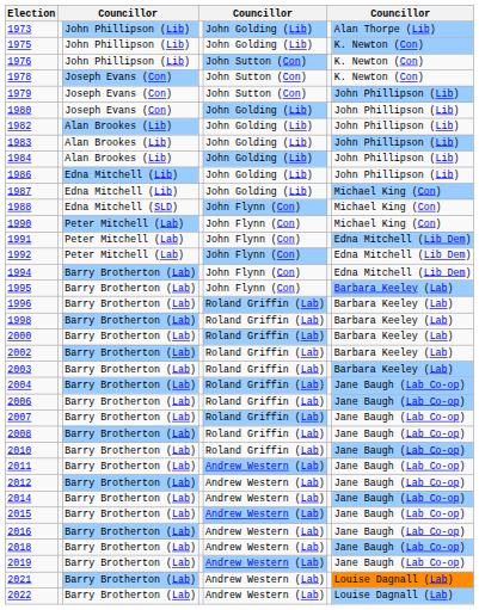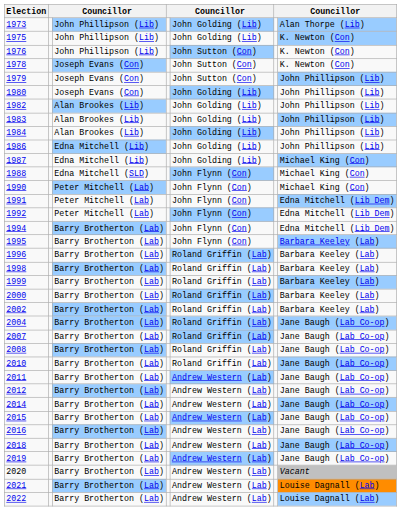 <table class="wikitable">
 <tr>
 <th>Election</th>
 <th colspan="2">Councillor</th>
 <th colspan="2">Councillor</th>
 <th colspan="2">Councillor</th>
 </tr>
 <tr>
 <td><a href='#'>1973</a></td>
 <td style="background-color: "></td>
 <td bgcolor="#99CCFF">John Phillipson (<a href='#'>Lib</a>)</td>
 <td style="background-color: "></td>
 <td bgcolor="#99CCFF">John Golding (<a href='#'>Lib</a>)</td>
 <td style="background-color: "></td>
 <td bgcolor="#99CCFF">Alan Thorpe (<a href='#'>Lib</a>)</td>
 </tr>
 <tr>
 <td><a href='#'>1975</a></td>
 <td style="background-color: "></td>
 <td>John Phillipson (<a href='#'>Lib</a>)</td>
 <td style="background-color: "></td>
 <td>John Golding (<a href='#'>Lib</a>)</td>
 <td style="background-color: "></td>
 <td bgcolor="#99CCFF">K. Newton (<a href='#'>Con</a>)</td>
 </tr>
 <tr>
 <td><a href='#'>1976</a></td>
 <td style="background-color: "></td>
 <td>John Phillipson (<a href='#'>Lib</a>)</td>
 <td style="background-color: "></td>
 <td bgcolor="#99CCFF">John Sutton (<a href='#'>Con</a>)</td>
 <td style="background-color: "></td>
 <td>K. Newton (<a href='#'>Con</a>)</td>
 </tr>
 <tr>
 <td><a href='#'>1978</a></td>
 <td style="background-color: "></td>
 <td bgcolor="#99CCFF">Joseph Evans (<a href='#'>Con</a>)</td>
 <td style="background-color: "></td>
 <td>John Sutton (<a href='#'>Con</a>)</td>
 <td style="background-color: "></td>
 <td>K. Newton (<a href='#'>Con</a>)</td>
 </tr>
 <tr>
 <td><a href='#'>1979</a></td>
 <td style="background-color: "></td>
 <td>Joseph Evans (<a href='#'>Con</a>)</td>
 <td style="background-color: "></td>
 <td>John Sutton (<a href='#'>Con</a>)</td>
 <td style="background-color: "></td>
 <td bgcolor="#99CCFF">John Phillipson (<a href='#'>Lib</a>)</td>
 </tr>
 <tr>
 <td><a href='#'>1980</a></td>
 <td style="background-color: "></td>
 <td>Joseph Evans (<a href='#'>Con</a>)</td>
 <td style="background-color: "></td>
 <td bgcolor="#99CCFF">John Golding (<a href='#'>Lib</a>)</td>
 <td style="background-color: "></td>
 <td>John Phillipson (<a href='#'>Lib</a>)</td>
 </tr>
 <tr>
 <td><a href='#'>1982</a></td>
 <td style="background-color: "></td>
 <td bgcolor="#99CCFF">Alan Brookes (<a href='#'>Lib</a>)</td>
 <td style="background-color: "></td>
 <td>John Golding (<a href='#'>Lib</a>)</td>
 <td style="background-color: "></td>
 <td>John Phillipson (<a href='#'>Lib</a>)</td>
 </tr>
 <tr>
 <td><a href='#'>1983</a></td>
 <td style="background-color: "></td>
 <td>Alan Brookes (<a href='#'>Lib</a>)</td>
 <td style="background-color: "></td>
 <td>John Golding (<a href='#'>Lib</a>)</td>
 <td style="background-color: "></td>
 <td bgcolor="#99CCFF">John Phillipson (<a href='#'>Lib</a>)</td>
 </tr>
 <tr>
 <td><a href='#'>1984</a></td>
 <td style="background-color: "></td>
 <td>Alan Brookes (<a href='#'>Lib</a>)</td>
 <td style="background-color: "></td>
 <td bgcolor="#99CCFF">John Golding (<a href='#'>Lib</a>)</td>
 <td style="background-color: "></td>
 <td>John Phillipson (<a href='#'>Lib</a>)</td>
 </tr>
 <tr>
 <td><a href='#'>1986</a></td>
 <td style="background-color: "></td>
 <td bgcolor="#99CCFF">Edna Mitchell (<a href='#'>Lib</a>)</td>
 <td style="background-color: "></td>
 <td>John Golding (<a href='#'>Lib</a>)</td>
 <td style="background-color: "></td>
 <td>John Phillipson (<a href='#'>Lib</a>)</td>
 </tr>
 <tr>
 <td><a href='#'>1987</a></td>
 <td style="background-color: "></td>
 <td>Edna Mitchell (<a href='#'>Lib</a>)</td>
 <td style="background-color: "></td>
 <td>John Golding (<a href='#'>Lib</a>)</td>
 <td style="background-color: "></td>
 <td bgcolor="#99CCFF">Michael King (<a href='#'>Con</a>)</td>
 </tr>
 <tr>
 <td><a href='#'>1988</a></td>
 <td style="background-color: "></td>
 <td>Edna Mitchell (<a href='#'>SLD</a>)</td>
 <td style="background-color: "></td>
 <td bgcolor="#99CCFF">John Flynn (<a href='#'>Con</a>)</td>
 <td style="background-color: "></td>
 <td>Michael King (<a href='#'>Con</a>)</td>
 </tr>
 <tr>
 <td><a href='#'>1990</a></td>
 <td style="background-color: "></td>
 <td bgcolor="#99CCFF">Peter Mitchell (<a href='#'>Lab</a>)</td>
 <td style="background-color: "></td>
 <td>John Flynn (<a href='#'>Con</a>)</td>
 <td style="background-color: "></td>
 <td>Michael King (<a href='#'>Con</a>)</td>
 </tr>
 <tr>
 <td><a href='#'>1991</a></td>
 <td style="background-color: "></td>
 <td>Peter Mitchell (<a href='#'>Lab</a>)</td>
 <td style="background-color: "></td>
 <td>John Flynn (<a href='#'>Con</a>)</td>
 <td style="background-color: "></td>
 <td bgcolor="#99CCFF">Edna Mitchell (<a href='#'>Lib Dem</a>)</td>
 </tr>
 <tr>
 <td><a href='#'>1992</a></td>
 <td style="background-color: "></td>
 <td>Peter Mitchell (<a href='#'>Lab</a>)</td>
 <td style="background-color: "></td>
 <td bgcolor="#99CCFF">John Flynn (<a href='#'>Con</a>)</td>
 <td style="background-color: "></td>
 <td>Edna Mitchell (<a href='#'>Lib Dem</a>)</td>
 </tr>
 <tr>
 <td><a href='#'>1994</a></td>
 <td style="background-color: "></td>
 <td bgcolor="#99CCFF">Barry Brotherton (<a href='#'>Lab</a>)</td>
 <td style="background-color: "></td>
 <td>John Flynn (<a href='#'>Con</a>)</td>
 <td style="background-color: "></td>
 <td>Edna Mitchell (<a href='#'>Lib Dem</a>)</td>
 </tr>
 <tr>
 <td><a href='#'>1995</a></td>
 <td style="background-color: "></td>
 <td>Barry Brotherton (<a href='#'>Lab</a>)</td>
 <td style="background-color: "></td>
 <td>John Flynn (<a href='#'>Con</a>)</td>
 <td style="background-color: "></td>
 <td bgcolor="#99CCFF"><a href='#'>Barbara Keeley</a> (<a href='#'>Lab</a>)</td>
 </tr>
 <tr>
 <td><a href='#'>1996</a></td>
 <td style="background-color: "></td>
 <td>Barry Brotherton (<a href='#'>Lab</a>)</td>
 <td style="background-color: "></td>
 <td bgcolor="#99CCFF">Roland Griffin (<a href='#'>Lab</a>)</td>
 <td style="background-color: "></td>
 <td>Barbara Keeley (<a href='#'>Lab</a>)</td>
 </tr>
 <tr>
 <td><a href='#'>1998</a></td>
 <td style="background-color: "></td>
 <td bgcolor="#99CCFF">Barry Brotherton (<a href='#'>Lab</a>)</td>
 <td style="background-color: "></td>
 <td>Roland Griffin (<a href='#'>Lab</a>)</td>
 <td style="background-color: "></td>
 <td>Barbara Keeley (<a href='#'>Lab</a>)</td>
 </tr>
 <tr>
+<td><a href='#'>1999</a></td>
+<td style="background-color: "></td>
+<td>Barry Brotherton (<a href='#'>Lab</a>)</td>
+<td style="background-color: "></td>
+<td>Roland Griffin (<a href='#'>Lab</a>)</td>
+<td style="background-color: "></td>
+<td bgcolor="#99CCFF">Barbara Keeley (<a href='#'>Lab</a>)</td>
+</tr>
+<tr>
 <td><a href='#'>2000</a></td>
 <td style="background-color: "></td>
 <td>Barry Brotherton (<a href='#'>Lab</a>)</td>
 <td style="background-color: "></td>
 <td bgcolor="#99CCFF">Roland Griffin (<a href='#'>Lab</a>)</td>
 <td style="background-color: "></td>
 <td>Barbara Keeley (<a href='#'>Lab</a>)</td>
 </tr>
 <tr>
 <td><a href='#'>2002</a></td>
 <td style="background-color: "></td>
 <td bgcolor="#99CCFF">Barry Brotherton (<a href='#'>Lab</a>)</td>
 <td style="background-color: "></td>
 <td>Roland Griffin (<a href='#'>Lab</a>)</td>
 <td style="background-color: "></td>
 <td>Barbara Keeley (<a href='#'>Lab</a>)</td>
 </tr>
 <tr>
-<td><a href='#'>2003</a></td>
-<td style="background-color: "></td>
-<td>Barry Brotherton (<a href='#'>Lab</a>)</td>
-<td style="background-color: "></td>
-<td>Roland Griffin (<a href='#'>Lab</a>)</td>
-<td style="background-color: "></td>
-<td bgcolor="#99CCFF">Barbara Keeley (<a href='#'>Lab</a>)</td>
-</tr>
-<tr>
 <td><a href='#'>2004</a></td>
 <td style="background-color: "></td>
 <td bgcolor="#99CCFF">Barry Brotherton (<a href='#'>Lab</a>)</td>
 <td style="background-color: "></td>
 <td bgcolor="#99CCFF">Roland Griffin (<a href='#'>Lab</a>)</td>
-<td style="background-color: "></td>
-<td bgcolor="#99CCFF">Jane Baugh (<a href='#'>Lab Co-op</a>)</td>
-</tr>
-<tr>
-<td><a href='#'>2006</a></td>
-<td style="background-color: "></td>
-<td>Barry Brotherton (<a href='#'>Lab</a>)</td>
-<td style="background-color: "></td>
-<td>Roland Griffin (<a href='#'>Lab</a>)</td>
 <td style="background-color: "></td>
 <td bgcolor="#99CCFF">Jane Baugh (<a href='#'>Lab Co-op</a>)</td>
 </tr>
 <tr>
 <td><a href='#'>2007</a></td>
 <td style="background-color: "></td>
 <td>Barry Brotherton (<a href='#'>Lab</a>)</td>
 <td style="background-color: "></td>
 <td bgcolor="#99CCFF">Roland Griffin (<a href='#'>Lab</a>)</td>
 <td style="background-color: "></td>
 <td>Jane Baugh (<a href='#'>Lab Co-op</a>)</td>
 </tr>
 <tr>
 <td><a href='#'>2008</a></td>
 <td style="background-color: "></td>
 <td bgcolor="#99CCFF">Barry Brotherton (<a href='#'>Lab</a>)</td>
 <td style="background-color: "></td>
 <td>Roland Griffin (<a href='#'>Lab</a>)</td>
 <td style="background-color: "></td>
 <td>Jane Baugh (<a href='#'>Lab Co-op</a>)</td>
 </tr>
 <tr>
 <td><a href='#'>2010</a></td>
 <td style="background-color: "></td>
 <td>Barry Brotherton (<a href='#'>Lab</a>)</td>
 <td style="background-color: "></td>
 <td>Roland Griffin (<a href='#'>Lab</a>)</td>
 <td style="background-color: "></td>
 <td bgcolor="#99CCFF">Jane Baugh (<a href='#'>Lab Co-op</a>)</td>
 </tr>
 <tr>
 <td><a href='#'>2011</a></td>
 <td style="background-color: "></td>
 <td>Barry Brotherton (<a href='#'>Lab</a>)</td>
 <td style="background-color: "></td>
 <td bgcolor="#99CCFF"><a href='#'>Andrew Western</a> (<a href='#'>Lab</a>)</td>
 <td style="background-color: "></td>
 <td>Jane Baugh (<a href='#'>Lab Co-op</a>)</td>
 </tr>
 <tr>
 <td><a href='#'>2012</a></td>
 <td style="background-color: "></td>
 <td bgcolor="#99CCFF">Barry Brotherton (<a href='#'>Lab</a>)</td>
 <td style="background-color: "></td>
 <td>Andrew Western (<a href='#'>Lab</a>)</td>
 <td style="background-color: "></td>
 <td>Jane Baugh (<a href='#'>Lab Co-op</a>)</td>
 </tr>
 <tr>
 <td><a href='#'>2014</a></td>
 <td style="background-color: "></td>
 <td>Barry Brotherton (<a href='#'>Lab</a>)</td>
 <td style="background-color: "></td>
 <td>Andrew Western (<a href='#'>Lab</a>)</td>
 <td style="background-color: "></td>
 <td bgcolor="#99CCFF">Jane Baugh (<a href='#'>Lab Co-op</a>)</td>
 </tr>
 <tr>
 <td><a href='#'>2015</a></td>
 <td style="background-color: "></td>
 <td>Barry Brotherton (<a href='#'>Lab</a>)</td>
 <td style="background-color: "></td>
 <td bgcolor="#99CCFF"><a href='#'>Andrew Western</a> (<a href='#'>Lab</a>)</td>
 <td style="background-color: "></td>
 <td>Jane Baugh (<a href='#'>Lab Co-op</a>)</td>
 </tr>
 <tr>
 <td><a href='#'>2016</a></td>
 <td style="background-color: "></td>
 <td bgcolor="#99CCFF">Barry Brotherton (<a href='#'>Lab</a>)</td>
 <td style="background-color: "></td>
 <td>Andrew Western (<a href='#'>Lab</a>)</td>
 <td style="background-color: "></td>
 <td>Jane Baugh (<a href='#'>Lab Co-op</a>)</td>
 </tr>
 <tr>
 <td><a href='#'>2018</a></td>
 <td style="background-color: "></td>
 <td>Barry Brotherton (<a href='#'>Lab</a>)</td>
 <td style="background-color: "></td>
 <td>Andrew Western (<a href='#'>Lab</a>)</td>
 <td style="background-color: "></td>
 <td bgcolor="#99CCFF">Jane Baugh (<a href='#'>Lab Co-op</a>)</td>
 </tr>
 <tr>
 <td><a href='#'>2019</a></td>
 <td style="background-color: "></td>
 <td>Barry Brotherton (<a href='#'>Lab</a>)</td>
 <td style="background-color: "></td>
 <td bgcolor="#99CCFF"><a href='#'>Andrew Western</a> (<a href='#'>Lab</a>)</td>
 <td style="background-color: "></td>
 <td>Jane Baugh (<a href='#'>Lab Co-op</a>)</td>
 </tr>
 <tr>
+<td>2020</td>
+<td style="background-color: "></td>
+<td>Barry Brotherton (<a href='#'>Lab</a>)</td>
+<td style="background-color: "></td>
+<td>Andrew Western (<a href='#'>Lab</a>)</td>
+<td style="background-color: "></td>
+<td bgcolor="#C0C0C0"><em>Vacant</em></td>
+</tr>
+<tr>
 <td><a href='#'>2021</a></td>
 <td style="background-color: "></td>
 <td bgcolor="#99CCFF">Barry Brotherton (<a href='#'>Lab</a>)</td>
 <td style="background-color: "></td>
 <td>Andrew Western (<a href='#'>Lab</a>)</td>
 <td style="background-color: "></td>
 <td bgcolor="#FF8C00">Louise Dagnall (<a href='#'>Lab</a>)</td>
 </tr>
 <tr>
 <td><a href='#'>2022</a></td>
 <td style="background-color: "></td>
 <td>Barry Brotherton (<a href='#'>Lab</a>)</td>
 <td style="background-color: "></td>
 <td>Andrew Western (<a href='#'>Lab</a>)</td>
 <td style="background-color: "></td>
 <td bgcolor="#99CCFF">Louise Dagnall (<a href='#'>Lab</a>)</td>
 </tr>
 </table>
